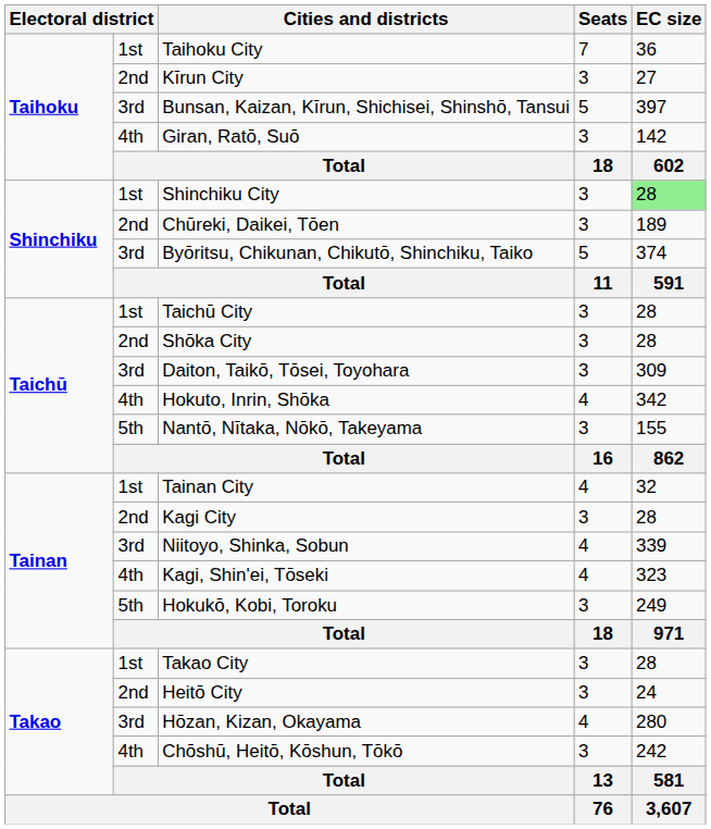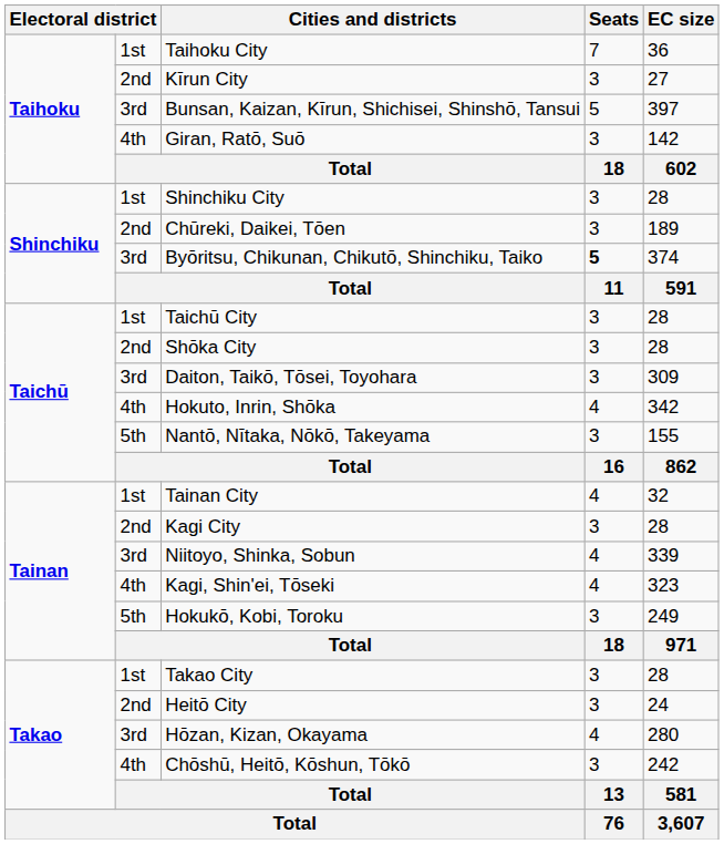 <table class="wikitable">
 <tr>
 <th colspan="2">Electoral district</th>
 <th>Cities and districts</th>
 <th>Seats</th>
 <th>EC size</th>
 </tr>
 <tr>
 <td rowspan="5"><strong><a href='#'>Taihoku</a></strong></td>
 <td>1st</td>
 <td>Taihoku City</td>
 <td>7</td>
 <td>36</td>
 </tr>
 <tr>
 <td>2nd</td>
 <td>Kīrun City</td>
 <td>3</td>
 <td>27</td>
 </tr>
 <tr>
 <td>3rd</td>
 <td>Bunsan, Kaizan, Kīrun, Shichisei, Shinshō, Tansui</td>
 <td>5</td>
 <td>397</td>
 </tr>
 <tr>
 <td>4th</td>
 <td>Giran, Ratō, Suō</td>
 <td>3</td>
 <td>142</td>
 </tr>
 <tr>
 <th colspan="2">Total</th>
 <th>18</th>
 <th>602</th>
 </tr>
 <tr>
 <td rowspan="4"><strong><a href='#'>Shinchiku</a></strong></td>
 <td>1st</td>
 <td>Shinchiku City</td>
 <td>3</td>
-<td style="background: lightgreen;">28</td>
+<td>28</td>
 </tr>
 <tr>
 <td>2nd</td>
 <td>Chūreki, Daikei, Tōen</td>
 <td>3</td>
 <td>189</td>
 </tr>
 <tr>
 <td>3rd</td>
 <td>Byōritsu, Chikunan, Chikutō, Shinchiku, Taiko</td>
-<td>5</td>
+<td><strong>5</strong></td>
 <td>374</td>
 </tr>
 <tr>
 <th colspan="2">Total</th>
 <th>11</th>
 <th><strong>591</strong></th>
 </tr>
 <tr>
 <td rowspan="6"><strong><a href='#'>Taichū</a></strong></td>
 <td>1st</td>
 <td>Taichū City</td>
 <td>3</td>
 <td>28</td>
 </tr>
 <tr>
 <td>2nd</td>
 <td>Shōka City</td>
 <td>3</td>
 <td>28</td>
 </tr>
 <tr>
 <td>3rd</td>
 <td>Daiton, Taikō, Tōsei, Toyohara</td>
 <td>3</td>
 <td>309</td>
 </tr>
 <tr>
 <td>4th</td>
 <td>Hokuto, Inrin, Shōka</td>
 <td>4</td>
 <td>342</td>
 </tr>
 <tr>
 <td>5th</td>
 <td>Nantō, Nītaka, Nōkō, Takeyama</td>
 <td>3</td>
 <td>155</td>
 </tr>
 <tr>
 <th colspan="2">Total</th>
 <th>16</th>
 <th>862</th>
 </tr>
 <tr>
 <td rowspan="6"><strong><a href='#'>Tainan</a></strong></td>
 <td>1st</td>
 <td>Tainan City</td>
 <td>4</td>
 <td>32</td>
 </tr>
 <tr>
 <td>2nd</td>
 <td>Kagi City</td>
 <td>3</td>
 <td>28</td>
 </tr>
 <tr>
 <td>3rd</td>
 <td>Niitoyo, Shinka, Sobun</td>
 <td>4</td>
 <td>339</td>
 </tr>
 <tr>
 <td>4th</td>
 <td>Kagi, Shin'ei, Tōseki</td>
 <td>4</td>
 <td>323</td>
 </tr>
 <tr>
 <td>5th</td>
 <td>Hokukō, Kobi, Toroku</td>
 <td>3</td>
 <td>249</td>
 </tr>
 <tr>
 <th colspan="2">Total</th>
 <th>18</th>
 <th>971</th>
 </tr>
 <tr>
 <td rowspan="5"><strong><a href='#'>Takao</a></strong></td>
 <td>1st</td>
 <td>Takao City</td>
 <td>3</td>
 <td>28</td>
 </tr>
 <tr>
 <td>2nd</td>
 <td>Heitō City</td>
 <td>3</td>
 <td>24</td>
 </tr>
 <tr>
 <td>3rd</td>
 <td>Hōzan, Kizan, Okayama</td>
 <td>4</td>
 <td>280</td>
 </tr>
 <tr>
 <td>4th</td>
 <td>Chōshū, Heitō, Kōshun, Tōkō</td>
 <td>3</td>
 <td>242</td>
 </tr>
 <tr>
 <th colspan="2">Total</th>
 <th>13</th>
 <th>581</th>
 </tr>
 <tr>
 <th colspan="3"><strong>Total</strong></th>
 <th><strong>76</strong></th>
 <th>3,607</th>
 </tr>
 </table>
